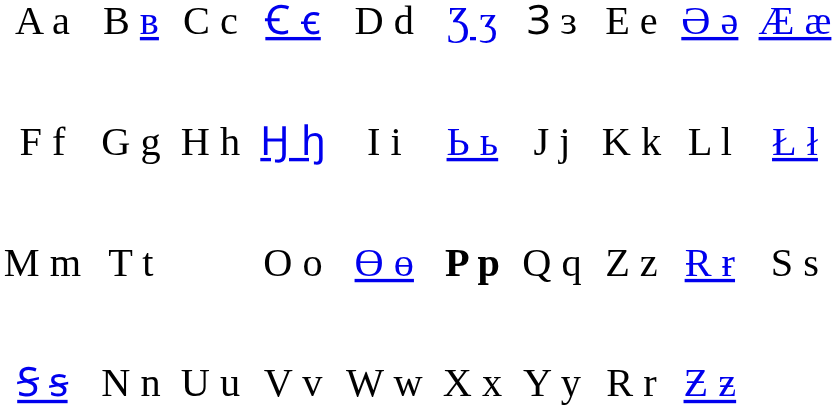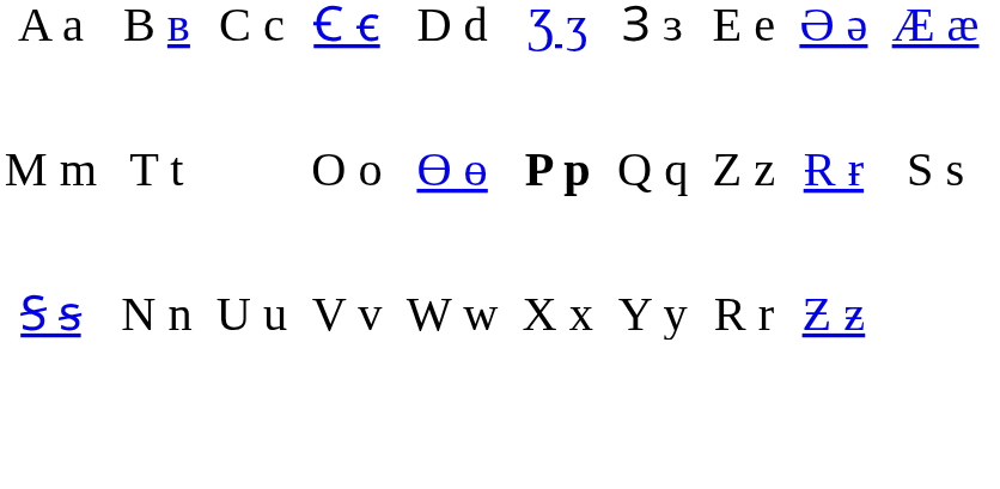 <table class="standard" cellpadding="5" style="font-size: 1.5em; line-height: 2.5em; text-align: center;">
 <tr>
 <td style=«width:3em;»>A a</td>
 <td style=«width:3em;»>B <a href='#'>ʙ</a></td>
 <td style=«width:3em;»>C c</td>
 <td style=«width:3em;»><a href='#'>Ꞓ ꞓ</a></td>
 <td style=«width:3em;»>D d</td>
 <td style=«width:3em;»><a href='#'>Ʒ ʒ</a></td>
 <td style=«width:3em;»>Ɜ ɜ</td>
 <td style=«width:3em;»>E e</td>
 <td style=«width:3em;»><a href='#'>Ə ə</a></td>
 <td style=«width:3em;»><a href='#'>Æ æ</a></td>
-</tr>
-<tr>
-<td style=«width:3em;»>F f</td>
-<td style=«width:3em;»>G g</td>
-<td style=«width:3em;»>H h</td>
-<td style=«width:3em;»><a href='#'>Ꜧ ꜧ</a></td>
-<td style=«width:3em;»>I i</td>
-<td style=«width:3em;»><a href='#'>Ь ь</a></td>
-<td style=«width:3em;»>J j</td>
-<td style=«width:3em;»>K k</td>
-<td style=«width:3em;»>L l</td>
-<td style=«width:3em;»><a href='#'>Ł ł</a></td>
 </tr>
 <tr>
 <td style=«width:3em;»>M m</td>
 <td style=«width:3em;»>T t</td>
 <td style=«width:3em;»><a href='#'></a></td>
 <td style=«width:3em;»>O o</td>
 <td style=«width:3em;»><a href='#'>Ɵ ɵ</a></td>
 <td style=«width:3em;»><strong>P p</strong></td>
 <td style=«width:3em;»>Q q</td>
 <td style=«width:3em;»>Z z</td>
 <td style=«width:3em;»><a href='#'>Ɍ ɍ</a></td>
 <td style=«width:3em;»>S s</td>
 </tr>
 <tr>
 <td style=«width:3em;»><a href='#'>Ꞩ ꞩ</a></td>
 <td style=«width:3em;»>N n</td>
 <td style=«width:3em;»>U u</td>
 <td style=«width:3em;»>V v</td>
 <td style=«width:3em;»>W w</td>
 <td style=«width:3em;»>X x</td>
 <td style=«width:3em;»>Y y</td>
 <td style=«width:3em;»>R r</td>
 <td style=«width:3em;»><a href='#'>Ƶ ƶ</a></td>
 </tr>
 </table>
